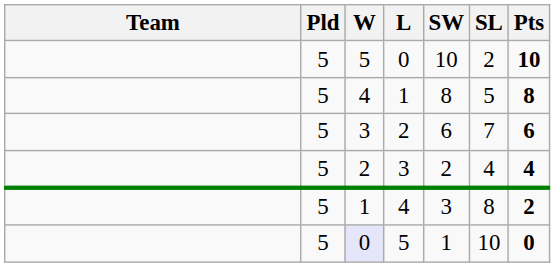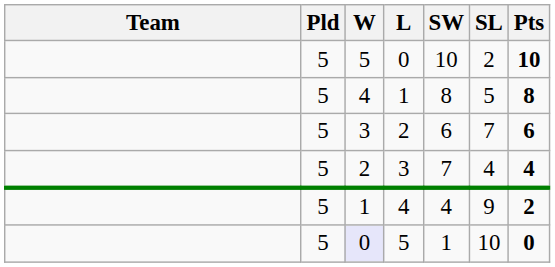 <table class=wikitable style="text-align:center">
 <tr>
 <th width=200>Team</th>
 <th width=20>Pld</th>
 <th width=20>W</th>
 <th width=20>L</th>
 <th width=20>SW</th>
 <th width=20>SL</th>
 <th width=20>Pts</th>
 </tr>
 <tr>
 <td align=left></td>
 <td>5</td>
 <td>5</td>
 <td>0</td>
 <td>10</td>
 <td>2</td>
 <td><strong>10</strong></td>
 </tr>
 <tr>
 <td align=left></td>
 <td>5</td>
 <td>4</td>
 <td>1</td>
 <td>8</td>
 <td>5</td>
 <td><strong>8</strong></td>
 </tr>
 <tr>
 <td align=left></td>
 <td>5</td>
 <td>3</td>
 <td>2</td>
 <td>6</td>
 <td>7</td>
 <td><strong>6</strong></td>
 </tr>
 <tr>
 <td align=left></td>
 <td>5</td>
 <td>2</td>
 <td>3</td>
-<td>2</td>
+<td>7</td>
 <td>4</td>
 <td><strong>4</strong></td>
 </tr>
 <tr style="border-top:3px solid green;">
 <td align=left></td>
 <td>5</td>
 <td>1</td>
 <td>4</td>
-<td>3</td>
-<td>8</td>
+<td>4</td>
+<td>9</td>
 <td><strong>2</strong></td>
 </tr>
 <tr>
 <td align=left></td>
 <td>5</td>
 <td style="background: lavender;">0</td>
 <td>5</td>
 <td>1</td>
 <td>10</td>
 <td><strong>0</strong></td>
 </tr>
 </table>
